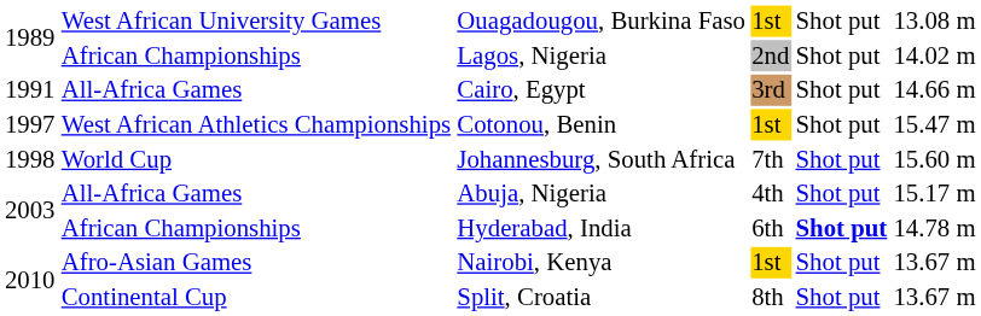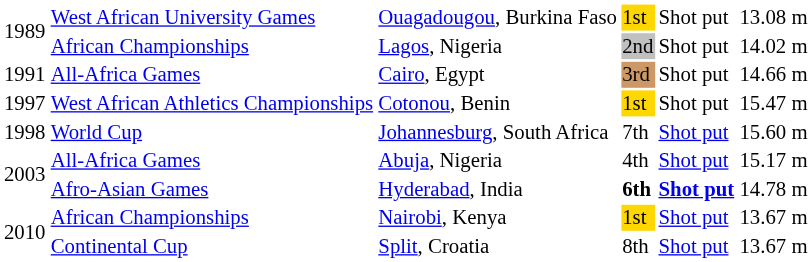 <table>
 <tr>
 <td rowspan=2>1989</td>
 <td><a href='#'>West African University Games</a></td>
 <td><a href='#'>Ouagadougou</a>, Burkina Faso</td>
 <td bgcolor=gold>1st</td>
 <td>Shot put</td>
 <td>13.08 m</td>
 </tr>
 <tr>
 <td><a href='#'>African Championships</a></td>
 <td><a href='#'>Lagos</a>, Nigeria</td>
 <td bgcolor=silver>2nd</td>
 <td>Shot put</td>
 <td>14.02 m</td>
 </tr>
 <tr>
 <td>1991</td>
 <td><a href='#'>All-Africa Games</a></td>
 <td><a href='#'>Cairo</a>, Egypt</td>
 <td bgcolor=cc9966>3rd</td>
 <td>Shot put</td>
 <td>14.66 m</td>
 </tr>
 <tr>
 <td>1997</td>
 <td><a href='#'>West African Athletics Championships</a></td>
 <td><a href='#'>Cotonou</a>, Benin</td>
 <td bgcolor=gold>1st</td>
 <td>Shot put</td>
 <td>15.47 m</td>
 </tr>
 <tr>
 <td>1998</td>
 <td><a href='#'>World Cup</a></td>
 <td><a href='#'>Johannesburg</a>, South Africa</td>
 <td>7th</td>
 <td><a href='#'>Shot put</a></td>
 <td>15.60 m</td>
 </tr>
 <tr>
 <td rowspan=2>2003</td>
 <td><a href='#'>All-Africa Games</a></td>
 <td><a href='#'>Abuja</a>, Nigeria</td>
 <td>4th</td>
 <td><a href='#'>Shot put</a></td>
 <td>15.17 m</td>
 </tr>
 <tr>
-<td><a href='#'>African Championships</a></td>
+<td><a href='#'>Afro-Asian Games</a></td>
 <td><a href='#'>Hyderabad</a>, India</td>
-<td>6th</td>
+<td><strong>6th</strong></td>
 <td><strong><a href='#'>Shot put</a></strong></td>
 <td>14.78 m</td>
 </tr>
 <tr>
 <td rowspan=2>2010</td>
-<td><a href='#'>Afro-Asian Games</a></td>
+<td><a href='#'>African Championships</a></td>
 <td><a href='#'>Nairobi</a>, Kenya</td>
 <td bgcolor=gold>1st</td>
 <td><a href='#'>Shot put</a></td>
 <td>13.67 m</td>
 </tr>
 <tr>
 <td><a href='#'>Continental Cup</a></td>
 <td><a href='#'>Split</a>, Croatia</td>
 <td>8th</td>
 <td><a href='#'>Shot put</a></td>
 <td>13.67 m</td>
 </tr>
 </table>
